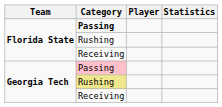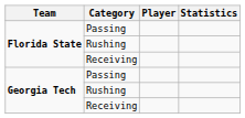 <table class="wikitable" style="float: right;">
 <tr>
 <th>Team</th>
 <th>Category</th>
 <th>Player</th>
 <th>Statistics</th>
 </tr>
 <tr>
 <td rowspan=3><strong>Florida State</strong></td>
-<td><strong>Passing</strong></td>
+<td>Passing</td>
 <td></td>
 <td></td>
 </tr>
 <tr>
 <td>Rushing</td>
 <td></td>
 <td></td>
 </tr>
 <tr>
 <td>Receiving</td>
 <td></td>
 <td></td>
 </tr>
 <tr>
 <td rowspan=3><strong>Georgia Tech</strong></td>
-<td style="background: pink;">Passing</td>
+<td>Passing</td>
 <td></td>
 <td></td>
 </tr>
 <tr>
-<td style="background: khaki;">Rushing</td>
+<td>Rushing</td>
 <td></td>
 <td></td>
 </tr>
 <tr>
 <td>Receiving</td>
 <td></td>
 <td></td>
 </tr>
 </table>
